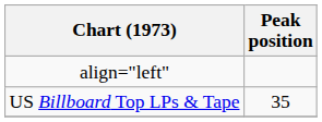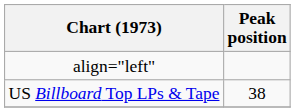 <table class="wikitable plainrowheaders" style="text-align:center">
 <tr>
 <th scope="col">Chart (1973)</th>
 <th scope="col">Peak<br>position</th>
 </tr>
 <tr>
 <td>align="left"</td>
 </tr>
 <tr>
 <td align="left">US <a href='#'><em>Billboard</em> Top LPs & Tape</a></td>
-<td>35</td>
+<td>38</td>
 </tr>
 <tr>
 </tr>
 </table>
